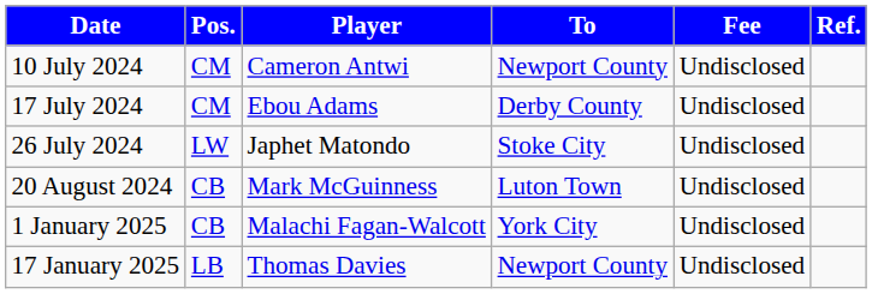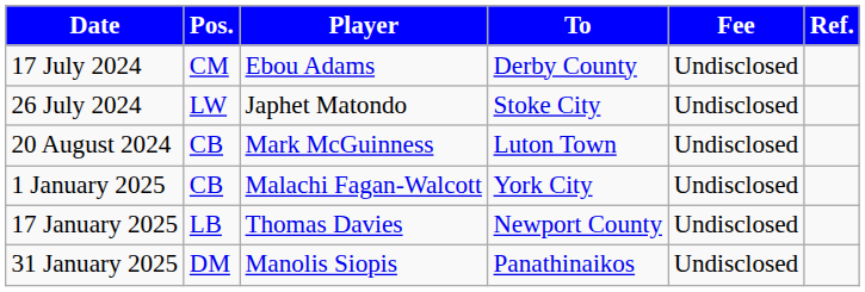 <table class="wikitable plainrowheaders sortable">
 <tr>
 <th style="background: blue; color: white; ">Date</th>
 <th style="background: blue; color: white; ">Pos.</th>
 <th style="background: blue; color: white; ">Player</th>
 <th style="background: blue; color: white; ">To</th>
 <th style="background: blue; color: white; ">Fee</th>
 <th style="background: blue; color: white; ">Ref.</th>
-</tr>
-<tr>
-<td>10 July 2024</td>
-<td><a href='#'>CM</a></td>
-<td> <a href='#'>Cameron Antwi</a></td>
-<td> <a href='#'>Newport County</a></td>
-<td>Undisclosed</td>
-<td></td>
 </tr>
 <tr>
 <td>17 July 2024</td>
 <td><a href='#'>CM</a></td>
 <td> <a href='#'>Ebou Adams</a></td>
 <td> <a href='#'>Derby County</a></td>
 <td>Undisclosed</td>
 <td></td>
 </tr>
 <tr>
 <td>26 July 2024</td>
 <td><a href='#'>LW</a></td>
 <td> Japhet Matondo</td>
 <td> <a href='#'>Stoke City</a></td>
 <td>Undisclosed</td>
 <td></td>
 </tr>
 <tr>
 <td>20 August 2024</td>
 <td><a href='#'>CB</a></td>
 <td> <a href='#'>Mark McGuinness</a></td>
 <td> <a href='#'>Luton Town</a></td>
 <td>Undisclosed</td>
 <td></td>
 </tr>
 <tr>
 <td>1 January 2025</td>
 <td><a href='#'>CB</a></td>
 <td> <a href='#'>Malachi Fagan-Walcott</a></td>
 <td> <a href='#'>York City</a></td>
 <td>Undisclosed</td>
 <td></td>
 </tr>
 <tr>
 <td>17 January 2025</td>
 <td><a href='#'>LB</a></td>
 <td> <a href='#'>Thomas Davies</a></td>
 <td> <a href='#'>Newport County</a></td>
 <td>Undisclosed</td>
 <td></td>
 </tr>
+<tr>
+<td>31 January 2025</td>
+<td><a href='#'>DM</a></td>
+<td> <a href='#'>Manolis Siopis</a></td>
+<td> <a href='#'>Panathinaikos</a></td>
+<td>Undisclosed</td>
+<td></td>
+</tr>
 </table>
